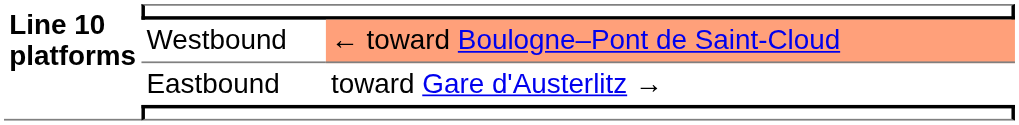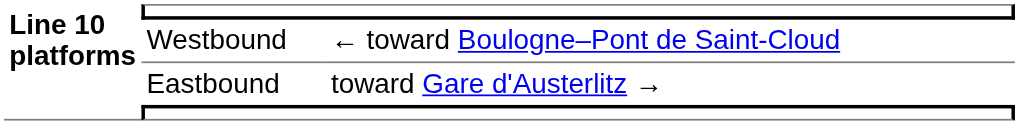 <table border=0 cellspacing=0 cellpadding=3>
 <tr>
 <td style="border-bottom:solid 1px gray;" width=50 rowspan=10 valign=top><strong>Line 10 platforms</strong></td>
 <td style="border-top:solid 1px gray;border-right:solid 2px black;border-left:solid 2px black;border-bottom:solid 2px black;text-align:center;" colspan=2></td>
 </tr>
 <tr>
 <td style="border-bottom:solid 1px gray;" width=100>Westbound</td>
-<td style="background: lightsalmon; border-bottom:solid 1px gray;" width=390>←   toward <a href='#'>Boulogne–Pont de Saint-Cloud</a> </td>
+<td style="border-bottom:solid 1px gray;" width=390>←   toward <a href='#'>Boulogne–Pont de Saint-Cloud</a> </td>
 </tr>
 <tr>
 <td>Eastbound</td>
 <td>   toward <a href='#'>Gare d'Austerlitz</a>  →</td>
 </tr>
 <tr>
 <td style="border-top:solid 2px black;border-right:solid 2px black;border-left:solid 2px black;border-bottom:solid 1px gray;text-align:center;" colspan=2></td>
 </tr>
 </table>
